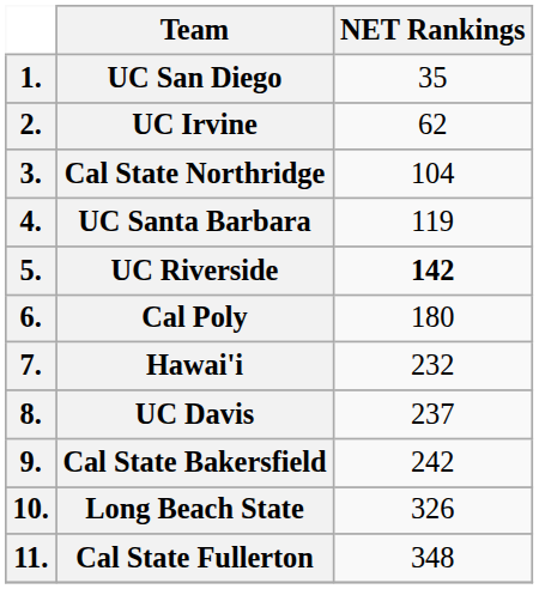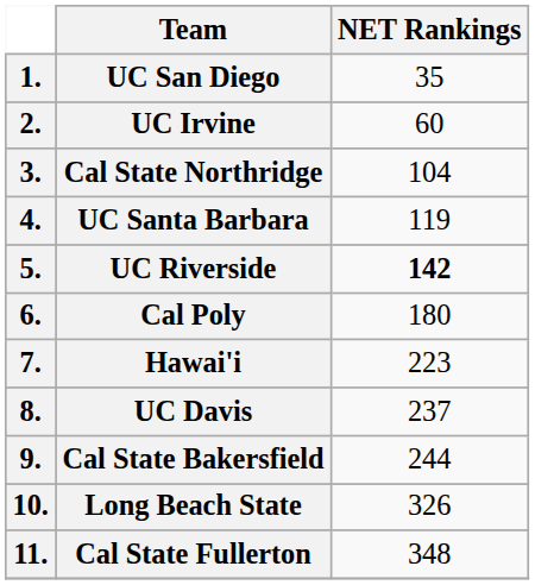 <table class="wikitable" style="white-space:nowrap; font-size:90%;">
 <tr>
 <td ! colspan=1 style="background:white; border-top-style:hidden; border-left-style:hidden;"></td>
 <th>Team</th>
 <th>NET Rankings</th>
 </tr>
 <tr>
 <th>1.</th>
 <th>UC San Diego</th>
 <td align="center">35</td>
 </tr>
 <tr>
 <th>2.</th>
 <th>UC Irvine</th>
-<td align="center">62</td>
+<td align="center">60</td>
 </tr>
 <tr>
 <th>3.</th>
 <th>Cal State Northridge</th>
 <td align="center">104</td>
 </tr>
 <tr>
 <th>4.</th>
 <th>UC Santa Barbara</th>
 <td align="center">119</td>
 </tr>
 <tr>
 <th>5.</th>
 <th>UC Riverside</th>
 <td align="center"><strong>142</strong></td>
 </tr>
 <tr>
 <th>6.</th>
 <th>Cal Poly</th>
 <td align="center">180</td>
 </tr>
 <tr>
 <th>7.</th>
 <th>Hawai'i</th>
-<td align="center">232</td>
+<td align="center">223</td>
 </tr>
 <tr>
 <th>8.</th>
 <th>UC Davis</th>
 <td align="center">237</td>
 </tr>
 <tr>
 <th>9.</th>
 <th>Cal State Bakersfield</th>
-<td align="center">242</td>
+<td align="center">244</td>
 </tr>
 <tr>
 <th>10.</th>
 <th>Long Beach State</th>
 <td align="center">326</td>
 </tr>
 <tr>
 <th>11.</th>
 <th>Cal State Fullerton</th>
 <td align="center">348</td>
 </tr>
 <tr>
 </tr>
 </table>
